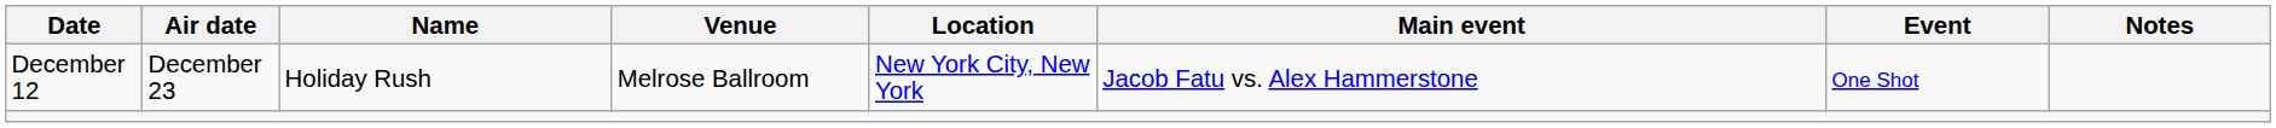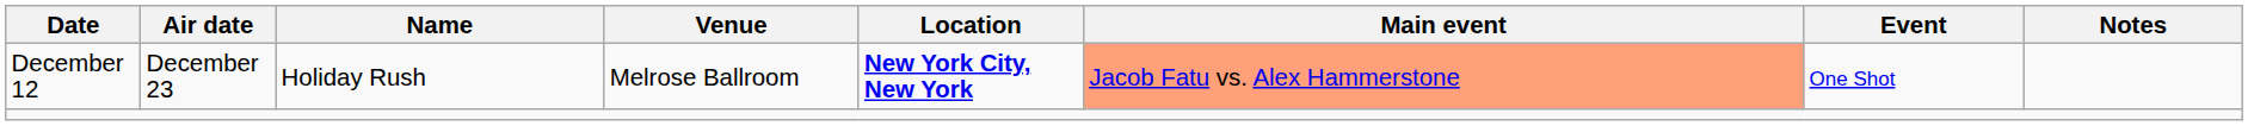 <table class="sortable wikitable succession-box" style="font-size:85%; font-size:85%">
 <tr>
 <th scope="col" width="70">Date</th>
 <th scope="col" width="70">Air date</th>
 <th scope="col" width="200">Name</th>
 <th scope="col" width="150">Venue</th>
 <th scope="col" width="130">Location</th>
 <th scope="col" width="450">Main event</th>
 <th scope="col" width="130">Event</th>
 <th scope="col" width="130">Notes</th>
 </tr>
 <tr>
 <td>December 12</td>
 <td>December 23</td>
 <td>Holiday Rush</td>
 <td>Melrose Ballroom</td>
-<td><a href='#'>New York City, New York</a></td>
-<td><a href='#'>Jacob Fatu</a> vs. <a href='#'>Alex Hammerstone</a></td>
+<td><strong><a href='#'>New York City, New York</a></strong></td>
+<td style="background: lightsalmon;"><a href='#'>Jacob Fatu</a> vs. <a href='#'>Alex Hammerstone</a></td>
 <td><small><a href='#'>One Shot</a></small></td>
 <td></td>
 </tr>
 <tr>
 <td colspan="8"></td>
 </tr>
 </table>
